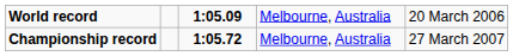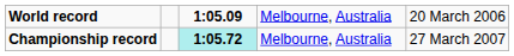 <table class="wikitable">
 <tr>
 <td><strong>World record</strong></td>
 <td style="padding-right:1em"></td>
 <td style="text-align:center;padding-left:1em; padding-right:1em;"><strong>1:05.09</strong></td>
 <td style="padding-right:1em"><a href='#'>Melbourne</a>, <a href='#'>Australia</a></td>
 <td align=right>20 March 2006</td>
 </tr>
 <tr>
 <td><strong>Championship record</strong></td>
 <td style="padding-right:1em"></td>
-<td style="text-align:center;padding-left:1em; padding-right:1em;"><strong>1:05.72</strong></td>
+<td style="background: paleturquoise; text-align:center;padding-left:1em; padding-right:1em;"><strong>1:05.72</strong></td>
 <td style="padding-right:1em"><a href='#'>Melbourne</a>, <a href='#'>Australia</a></td>
 <td align=right>27 March 2007</td>
 </tr>
 </table>
